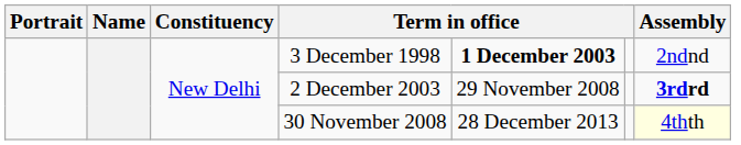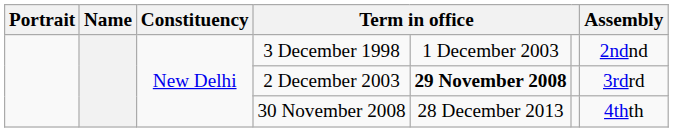 <table class="wikitable sortable" style="text-align:center">
 <tr>
 <th class="unsortable" scope="col">Portrait</th>
 <th scope="col" class="sortable">Name</th>
 <th scope="col">Constituency</th>
 <th colspan="3" scope="colgroup">Term in office</th>
 <th scope="col">Assembly</th>
 </tr>
 <tr align="center">
 <td rowspan="3"></td>
 <th scope="row" rowspan="3"></th>
 <td rowspan="3"><a href='#'>New Delhi</a></td>
 <td>3 December 1998</td>
-<td><strong>1 December 2003</strong></td>
+<td>1 December 2003</td>
 <td></td>
 <td><a href='#'>2nd</a>nd</td>
 </tr>
 <tr>
 <td>2 December 2003</td>
-<td>29 November 2008</td>
+<td><strong>29 November 2008</strong></td>
 <td></td>
-<td><strong><a href='#'>3rd</a>rd</strong></td>
+<td><a href='#'>3rd</a>rd</td>
 </tr>
 <tr>
 <td>30 November 2008</td>
 <td>28 December 2013</td>
 <td></td>
-<td style="background: lightyellow;"><a href='#'>4th</a>th</td>
+<td><a href='#'>4th</a>th</td>
 </tr>
 </table>
